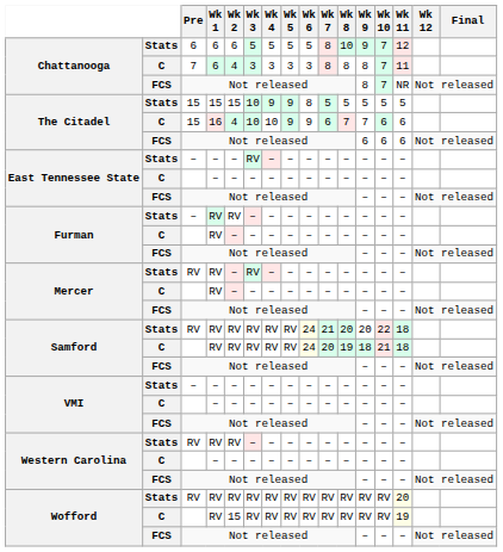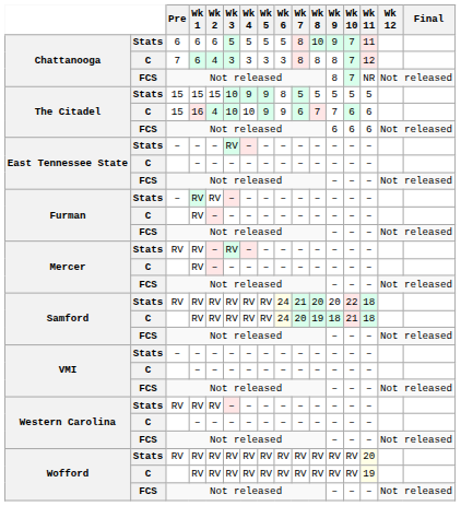 <table class="wikitable" style="white-space:nowrap;font-size:70%;">
 <tr>
 <th colspan=2 style="background:white; border-top-style:hidden; border-left-style:hidden;"> </th>
 <th>Pre</th>
 <th>Wk<br>1</th>
 <th>Wk<br>2</th>
 <th>Wk<br>3</th>
 <th>Wk<br>4</th>
 <th>Wk<br>5</th>
 <th>Wk<br>6</th>
 <th>Wk<br>7</th>
 <th>Wk<br>8</th>
 <th>Wk<br>9</th>
 <th>Wk<br>10</th>
 <th>Wk<br>11</th>
 <th>Wk<br>12</th>
 <th>Final</th>
 </tr>
 <tr style="text-align:center;">
 <th rowspan=3>Chattanooga</th>
 <th>Stats</th>
 <td style="background:#FFF;">6</td>
 <td style="background:#FFF;">6</td>
 <td style="background:#FFF;">6</td>
 <td style="background:#D8FFEB;">5</td>
 <td style="background:#FFF;">5</td>
 <td style="background:#FFF;">5</td>
 <td style="background:#FFF;">5</td>
 <td style="background:#FFE6E6;">8</td>
 <td style="background:#D8FFEB;">10</td>
 <td style="background:#D8FFEB;">9</td>
 <td style="background:#D8FFEB;">7</td>
-<td style="background:#FFE6E6;">12</td>
+<td style="background:#FFE6E6;">11</td>
 <td style="background:#FFF;"></td>
 <td style="background:#FFF;"></td>
 </tr>
 <tr style="text-align:center;">
 <th>C</th>
 <td style="background:#FFF;">7</td>
 <td style="background:#D8FFEB;">6</td>
 <td style="background:#D8FFEB;">4</td>
 <td style="background:#D8FFEB;">3</td>
 <td style="background:#FFF;">3</td>
 <td style="background:#FFF;">3</td>
 <td style="background:#FFF;">3</td>
 <td style="background:#FFE6E6;">8</td>
 <td style="background:#FFF;">8</td>
 <td style="background:#FFF;">8</td>
 <td style="background:#D8FFEB;">7</td>
-<td style="background:#FFE6E6;">11</td>
+<td style="background:#FFE6E6;">12</td>
 <td style="background:#FFF;"></td>
 <td style="background:#FFF;"></td>
 </tr>
 <tr style="text-align:center;">
 <th>FCS</th>
 <td colspan=9 align=center>Not released</td>
 <td style="background:#FFF;">8</td>
 <td style="background:#D8FFEB;">7</td>
 <td style="background:#FFF;">NR</td>
 <td colspan=2 align=center>Not released</td>
 </tr>
 <tr style="text-align:center;">
 <th rowspan=3>The Citadel</th>
 <th>Stats</th>
 <td style="background:#FFF;">15</td>
 <td style="background:#FFF;">15</td>
 <td style="background:#FFF;">15</td>
 <td style="background:#D8FFEB;">10</td>
 <td style="background:#D8FFEB;">9</td>
 <td style="background:#D8FFEB;">9</td>
 <td style="background:#FFF;">8</td>
 <td style="background:#D8FFEB;">5</td>
 <td style="background:#FFF;">5</td>
 <td style="background:#FFF;">5</td>
 <td style="background:#FFF;">5</td>
 <td style="background:#FFF;">5</td>
 <td style="background:#FFF;"></td>
 <td style="background:#FFF;"></td>
 </tr>
 <tr style="text-align:center;">
 <th>C</th>
 <td style="background:#FFF;">15</td>
 <td style="background:#FFE6E6;">16</td>
 <td style="background:#D8FFEB;">4</td>
 <td style="background:#D8FFEB;">10</td>
 <td style="background:#FFF;">10</td>
 <td style="background:#D8FFEB;">9</td>
 <td style="background:#FFF;">9</td>
 <td style="background:#D8FFEB;">6</td>
 <td style="background:#FFE6E6;">7</td>
 <td style="background:#FFF;">7</td>
 <td style="background:#D8FFEB;">6</td>
 <td style="background:#FFF;">6</td>
 <td style="background:#FFF;"></td>
 <td style="background:#FFF;"></td>
 </tr>
 <tr style="text-align:center;">
 <th>FCS</th>
 <td colspan=9 align=center>Not released</td>
 <td style="background:#FFF;">6</td>
 <td style="background:#FFF;">6</td>
 <td style="background:#FFF;">6</td>
 <td colspan=2 align=center>Not released</td>
 </tr>
 <tr style="text-align:center;">
 <th rowspan=3>East Tennessee State</th>
 <th>Stats</th>
 <td style="background:#FFF;">–</td>
 <td style="background:#FFF;">–</td>
 <td style="background:#FFF;">–</td>
 <td style="background:#D8FFEB;">RV</td>
 <td style="background:#FFE6E6;">–</td>
 <td style="background:#FFF;">–</td>
 <td style="background:#FFF;">–</td>
 <td style="background:#FFF;">–</td>
 <td style="background:#FFF;">–</td>
 <td style="background:#FFF;">–</td>
 <td style="background:#FFF;">–</td>
 <td style="background:#FFF;">–</td>
 <td style="background:#FFF;"></td>
 <td style="background:#FFF;"></td>
 </tr>
 <tr style="text-align:center;">
 <th>C</th>
 <td style="background:#FFF;"></td>
 <td style="background:#FFF;">–</td>
 <td style="background:#FFF;">–</td>
 <td style="background:#FFF;">–</td>
 <td style="background:#FFF;">–</td>
 <td style="background:#FFF;">–</td>
 <td style="background:#FFF;">–</td>
 <td style="background:#FFF;">–</td>
 <td style="background:#FFF;">–</td>
 <td style="background:#FFF;">–</td>
 <td style="background:#FFF;">–</td>
 <td style="background:#FFF;">–</td>
 <td style="background:#FFF;"></td>
 <td style="background:#FFF;"></td>
 </tr>
 <tr style="text-align:center;">
 <th>FCS</th>
 <td colspan=9 align=center>Not released</td>
 <td style="background:#FFF;">–</td>
 <td style="background:#FFF;">–</td>
 <td style="background:#FFF;">–</td>
 <td colspan=2 align=center>Not released</td>
 </tr>
 <tr style="text-align:center;">
 <th rowspan=3>Furman</th>
 <th>Stats</th>
 <td style="background:#FFF;">–</td>
 <td style="background:#D8FFEB;">RV</td>
 <td style="background:#FFF;">RV</td>
 <td style="background:#FFE6E6;">–</td>
 <td style="background:#FFF;">–</td>
 <td style="background:#FFF;">–</td>
 <td style="background:#FFF;">–</td>
 <td style="background:#FFF;">–</td>
 <td style="background:#FFF;">–</td>
 <td style="background:#FFF;">–</td>
 <td style="background:#FFF;">–</td>
 <td style="background:#FFF;">–</td>
 <td style="background:#FFF;"></td>
 <td style="background:#FFF;"></td>
 </tr>
 <tr style="text-align:center;">
 <th>C</th>
 <td style="background:#FFF;"></td>
 <td style="background:#FFF;">RV</td>
 <td style="background:#FFE6E6;">–</td>
 <td style="background:#FFF;">–</td>
 <td style="background:#FFF;">–</td>
 <td style="background:#FFF;">–</td>
 <td style="background:#FFF;">–</td>
 <td style="background:#FFF;">–</td>
 <td style="background:#FFF;">–</td>
 <td style="background:#FFF;">–</td>
 <td style="background:#FFF;">–</td>
 <td style="background:#FFF;">–</td>
 <td style="background:#FFF;"></td>
 <td style="background:#FFF;"></td>
 </tr>
 <tr style="text-align:center;">
 <th>FCS</th>
 <td colspan=9 align=center>Not released</td>
 <td style="background:#FFF;">–</td>
 <td style="background:#FFF;">–</td>
 <td style="background:#FFF;">–</td>
 <td colspan=2 align=center>Not released</td>
 </tr>
 <tr style="text-align:center;">
 <th rowspan=3>Mercer</th>
 <th>Stats</th>
 <td style="background:#FFF;">RV</td>
 <td style="background:#FFF;">RV</td>
 <td style="background:#FFE6E6;">–</td>
 <td style="background:#D8FFEB;">RV</td>
 <td style="background:#FFE6E6;">–</td>
 <td style="background:#FFF;">–</td>
 <td style="background:#FFF;">–</td>
 <td style="background:#FFF;">–</td>
 <td style="background:#FFF;">–</td>
 <td style="background:#FFF;">–</td>
 <td style="background:#FFF;">–</td>
 <td style="background:#FFF;">–</td>
 <td style="background:#FFF;"></td>
 <td style="background:#FFF;"></td>
 </tr>
 <tr style="text-align:center;">
 <th>C</th>
 <td style="background:#FFF;"></td>
 <td style="background:#FFF;">RV</td>
 <td style="background:#FFE6E6;">–</td>
 <td style="background:#FFF;">–</td>
 <td style="background:#FFF;">–</td>
 <td style="background:#FFF;">–</td>
 <td style="background:#FFF;">–</td>
 <td style="background:#FFF;">–</td>
 <td style="background:#FFF;">–</td>
 <td style="background:#FFF;">–</td>
 <td style="background:#FFF;">–</td>
 <td style="background:#FFF;">–</td>
 <td style="background:#FFF;"></td>
 <td style="background:#FFF;"></td>
 </tr>
 <tr style="text-align:center;">
 <th>FCS</th>
 <td colspan=9 align=center>Not released</td>
 <td style="background:#FFF;">–</td>
 <td style="background:#FFF;">–</td>
 <td style="background:#FFF;">–</td>
 <td colspan=2 align=center>Not released</td>
 </tr>
 <tr style="text-align:center;">
 <th rowspan=3>Samford</th>
 <th>Stats</th>
 <td style="background:#FFF;">RV</td>
 <td style="background:#FFF;">RV</td>
 <td style="background:#FFF;">RV</td>
 <td style="background:#FFF;">RV</td>
 <td style="background:#FFF;">RV</td>
 <td style="background:#FFF;">RV</td>
 <td style="background:#FFFFE6;">24</td>
 <td style="background:#D8FFEB;">21</td>
 <td style="background:#D8FFEB;">20</td>
 <td style="background:#FFF;">20</td>
 <td style="background:#FFE6E6;">22</td>
 <td style="background:#D8FFEB;">18</td>
 <td style="background:#FFF;"></td>
 <td style="background:#FFF;"></td>
 </tr>
 <tr style="text-align:center;">
 <th>C</th>
 <td style="background:#FFF;"></td>
 <td style="background:#FFF;">RV</td>
 <td style="background:#FFF;">RV</td>
 <td style="background:#FFF;">RV</td>
 <td style="background:#FFF;">RV</td>
 <td style="background:#FFF;">RV</td>
 <td style="background:#FFFFE6;">24</td>
 <td style="background:#D8FFEB;">20</td>
 <td style="background:#D8FFEB;">19</td>
 <td style="background:#D8FFEB;">18</td>
 <td style="background:#FFE6E6;">21</td>
 <td style="background:#D8FFEB;">18</td>
 <td style="background:#FFF;"></td>
 <td style="background:#FFF;"></td>
 </tr>
 <tr style="text-align:center;">
 <th>FCS</th>
 <td colspan=9 align=center>Not released</td>
 <td style="background:#FFF;">–</td>
 <td style="background:#FFF;">–</td>
 <td style="background:#FFF;">–</td>
 <td colspan=2 align=center>Not released</td>
 </tr>
 <tr style="text-align:center;">
 <th rowspan=3>VMI</th>
 <th>Stats</th>
 <td style="background:#FFF;">–</td>
 <td style="background:#FFF;">–</td>
 <td style="background:#FFF;">–</td>
 <td style="background:#FFF;">–</td>
 <td style="background:#FFF;">–</td>
 <td style="background:#FFF;">–</td>
 <td style="background:#FFF;">–</td>
 <td style="background:#FFF;">–</td>
 <td style="background:#FFF;">–</td>
 <td style="background:#FFF;">–</td>
 <td style="background:#FFF;">–</td>
 <td style="background:#FFF;">–</td>
 <td style="background:#FFF;"></td>
 <td style="background:#FFF;"></td>
 </tr>
 <tr style="text-align:center;">
 <th>C</th>
 <td style="background:#FFF;"></td>
 <td style="background:#FFF;">–</td>
 <td style="background:#FFF;">–</td>
 <td style="background:#FFF;">–</td>
 <td style="background:#FFF;">–</td>
 <td style="background:#FFF;">–</td>
 <td style="background:#FFF;">–</td>
 <td style="background:#FFF;">–</td>
 <td style="background:#FFF;">–</td>
 <td style="background:#FFF;">–</td>
 <td style="background:#FFF;">–</td>
 <td style="background:#FFF;">–</td>
 <td style="background:#FFF;"></td>
 <td style="background:#FFF;"></td>
 </tr>
 <tr style="text-align:center;">
 <th>FCS</th>
 <td colspan=9 align=center>Not released</td>
 <td style="background:#FFF;">–</td>
 <td style="background:#FFF;">–</td>
 <td style="background:#FFF;">–</td>
 <td colspan=2 align=center>Not released</td>
 </tr>
 <tr style="text-align:center;">
 <th rowspan=3>Western Carolina</th>
 <th>Stats</th>
 <td style="background:#FFF;">RV</td>
 <td style="background:#FFF;">RV</td>
 <td style="background:#FFF;">RV</td>
 <td style="background:#FFE6E6;">–</td>
 <td style="background:#FFF;">–</td>
 <td style="background:#FFF;">–</td>
 <td style="background:#FFF;">–</td>
 <td style="background:#FFF;">–</td>
 <td style="background:#FFF;">–</td>
 <td style="background:#FFF;">–</td>
 <td style="background:#FFF;">–</td>
 <td style="background:#FFF;">–</td>
 <td style="background:#FFF;"></td>
 <td style="background:#FFF;"></td>
 </tr>
 <tr style="text-align:center;">
 <th>C</th>
 <td style="background:#FFF;"></td>
 <td style="background:#FFF;">–</td>
 <td style="background:#FFF;">–</td>
 <td style="background:#FFF;">–</td>
 <td style="background:#FFF;">–</td>
 <td style="background:#FFF;">–</td>
 <td style="background:#FFF;">–</td>
 <td style="background:#FFF;">–</td>
 <td style="background:#FFF;">–</td>
 <td style="background:#FFF;">–</td>
 <td style="background:#FFF;">–</td>
 <td style="background:#FFF;">–</td>
 <td style="background:#FFF;"></td>
 <td style="background:#FFF;"></td>
 </tr>
 <tr style="text-align:center;">
 <th>FCS</th>
 <td colspan=9 align=center>Not released</td>
 <td style="background:#FFF;">–</td>
 <td style="background:#FFF;">–</td>
 <td style="background:#FFF;">–</td>
 <td colspan=2 align=center>Not released</td>
 </tr>
 <tr style="text-align:center;">
 <th rowspan=3>Wofford</th>
 <th>Stats</th>
 <td style="background:#FFF;">RV</td>
 <td style="background:#FFF;">RV</td>
 <td style="background:#FFF;">RV</td>
 <td style="background:#FFF;">RV</td>
 <td style="background:#FFF;">RV</td>
 <td style="background:#FFF;">RV</td>
 <td style="background:#FFF;">RV</td>
 <td style="background:#FFF;">RV</td>
 <td style="background:#FFF;">RV</td>
 <td style="background:#FFF;">RV</td>
 <td style="background:#FFF;">RV</td>
 <td style="background:#FFFFE6;">20</td>
 <td style="background:#FFF;"></td>
 <td style="background:#FFF;"></td>
 </tr>
 <tr style="text-align:center;">
 <th>C</th>
 <td style="background:#FFF;"></td>
 <td style="background:#FFF;">RV</td>
-<td style="background:#FFF;">15</td>
+<td style="background:#FFF;">RV</td>
 <td style="background:#FFF;">RV</td>
 <td style="background:#FFF;">RV</td>
 <td style="background:#FFF;">RV</td>
 <td style="background:#FFF;">RV</td>
 <td style="background:#FFF;">RV</td>
 <td style="background:#FFF;">RV</td>
 <td style="background:#FFF;">RV</td>
 <td style="background:#FFF;">RV</td>
 <td style="background:#FFFFE6;">19</td>
 <td style="background:#FFF;"></td>
 <td style="background:#FFF;"></td>
 </tr>
 <tr style="text-align:center;">
 <th>FCS</th>
 <td colspan=9 align=center>Not released</td>
 <td style="background:#FFF;">–</td>
 <td style="background:#FFF;">–</td>
 <td style="background:#FFF;">–</td>
 <td colspan=2 align=center>Not released</td>
 </tr>
 </table>
